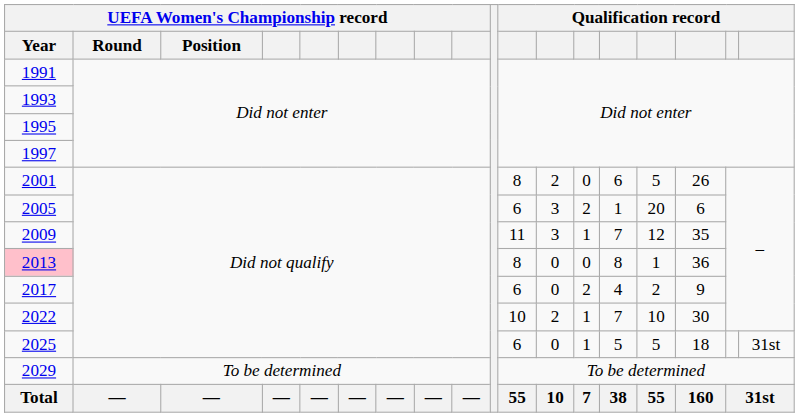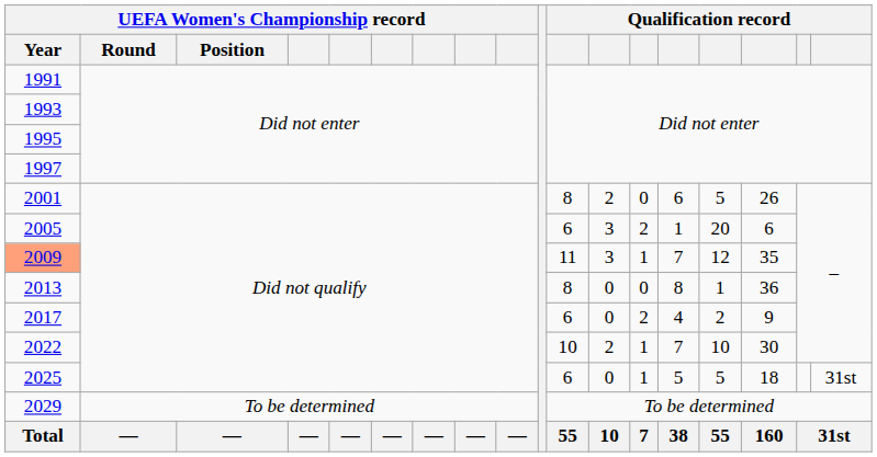 <table class="wikitable" style="text-align: center;">
 <tr>
 <th colspan=9><a href='#'>UEFA Women's Championship</a> record</th>
 <th width=1% rowspan=100></th>
 <th colspan=8>Qualification record</th>
 </tr>
 <tr>
 <th>Year</th>
 <th>Round</th>
 <th>Position</th>
 <th></th>
 <th></th>
 <th></th>
 <th></th>
 <th></th>
 <th><br></th>
 <th></th>
 <th></th>
 <th></th>
 <th></th>
 <th></th>
 <th></th>
 <th></th>
 <th></th>
 </tr>
 <tr>
 <td> <a href='#'>1991</a></td>
 <td colspan=8 rowspan=4><em>Did not enter</em></td>
 <td colspan=8 rowspan=4><em>Did not enter</em></td>
 </tr>
 <tr>
 <td> <a href='#'>1993</a></td>
 </tr>
 <tr>
 <td> <a href='#'>1995</a></td>
 </tr>
 <tr>
 <td> <a href='#'>1997</a></td>
 </tr>
 <tr>
 <td> <a href='#'>2001</a></td>
 <td colspan=8 rowspan=7><em>Did not qualify</em></td>
 <td>8</td>
 <td>2</td>
 <td>0</td>
 <td>6</td>
 <td>5</td>
 <td>26</td>
 <td colspan=2 rowspan=6>–</td>
 </tr>
 <tr>
 <td> <a href='#'>2005</a></td>
 <td>6</td>
 <td>3</td>
 <td>2</td>
 <td>1</td>
 <td>20</td>
 <td>6</td>
 </tr>
 <tr>
-<td> <a href='#'>2009</a></td>
+<td style="background: lightsalmon;"> <a href='#'>2009</a></td>
 <td>11</td>
 <td>3</td>
 <td>1</td>
 <td>7</td>
 <td>12</td>
 <td>35</td>
 </tr>
 <tr>
-<td style="background: pink;"> <a href='#'>2013</a></td>
+<td> <a href='#'>2013</a></td>
 <td>8</td>
 <td>0</td>
 <td>0</td>
 <td>8</td>
 <td>1</td>
 <td>36</td>
 </tr>
 <tr>
 <td> <a href='#'>2017</a></td>
 <td>6</td>
 <td>0</td>
 <td>2</td>
 <td>4</td>
 <td>2</td>
 <td>9</td>
 </tr>
 <tr>
 <td> <a href='#'>2022</a></td>
 <td>10</td>
 <td>2</td>
 <td>1</td>
 <td>7</td>
 <td>10</td>
 <td>30</td>
 </tr>
 <tr>
 <td> <a href='#'>2025</a></td>
 <td>6</td>
 <td>0</td>
 <td>1</td>
 <td>5</td>
 <td>5</td>
 <td>18</td>
 <td></td>
 <td>31st</td>
 </tr>
 <tr>
 <td><a href='#'>2029</a></td>
 <td colspan=8><em>To be determined</em></td>
 <td colspan=8><em>To be determined</em></td>
 </tr>
 <tr>
 <th>Total</th>
 <th>—</th>
 <th>—</th>
 <th>—</th>
 <th>—</th>
 <th>—</th>
 <th>—</th>
 <th>—</th>
 <th>—</th>
 <th>55</th>
 <th>10</th>
 <th>7</th>
 <th>38</th>
 <th>55</th>
 <th>160</th>
 <th colspan=2>31st</th>
 </tr>
 </table>
